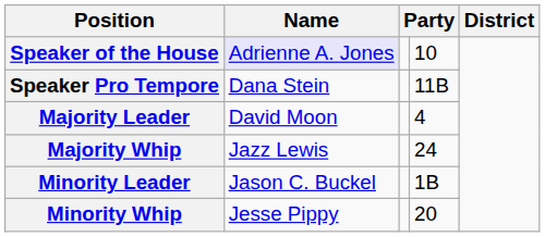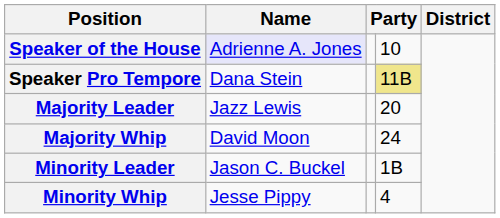 <table class="wikitable sortable">
 <tr>
 <th scope="col">Position</th>
 <th scope="col">Name</th>
 <th scope="colgroup" colspan=2>Party</th>
 <th scope="col">District</th>
 </tr>
 <tr>
 <th scope="row"><a href='#'>Speaker of the House</a></th>
 <td style="background: lavender;"><a href='#'>Adrienne A. Jones</a></td>
 <td></td>
 <td>10</td>
 </tr>
 <tr>
 <th scope="row">Speaker <a href='#'>Pro Tempore</a></th>
 <td><a href='#'>Dana Stein</a></td>
 <td></td>
-<td>11B</td>
+<td style="background: khaki;">11B</td>
 </tr>
 <tr>
 <th scope="row"><a href='#'>Majority Leader</a></th>
-<td><a href='#'>David Moon</a></td>
+<td><a href='#'>Jazz Lewis</a></td>
 <td></td>
-<td>4</td>
+<td>20</td>
 </tr>
 <tr>
 <th scope="row"><a href='#'>Majority Whip</a></th>
-<td><a href='#'>Jazz Lewis</a></td>
+<td><a href='#'>David Moon</a></td>
 <td></td>
 <td>24</td>
 </tr>
 <tr>
 <th scope="row"><a href='#'>Minority Leader</a></th>
 <td><a href='#'>Jason C. Buckel</a></td>
 <td></td>
 <td>1B</td>
 </tr>
 <tr>
 <th scope="row"><a href='#'>Minority Whip</a></th>
 <td><a href='#'>Jesse Pippy</a></td>
 <td></td>
-<td>20</td>
+<td>4</td>
 </tr>
 </table>
